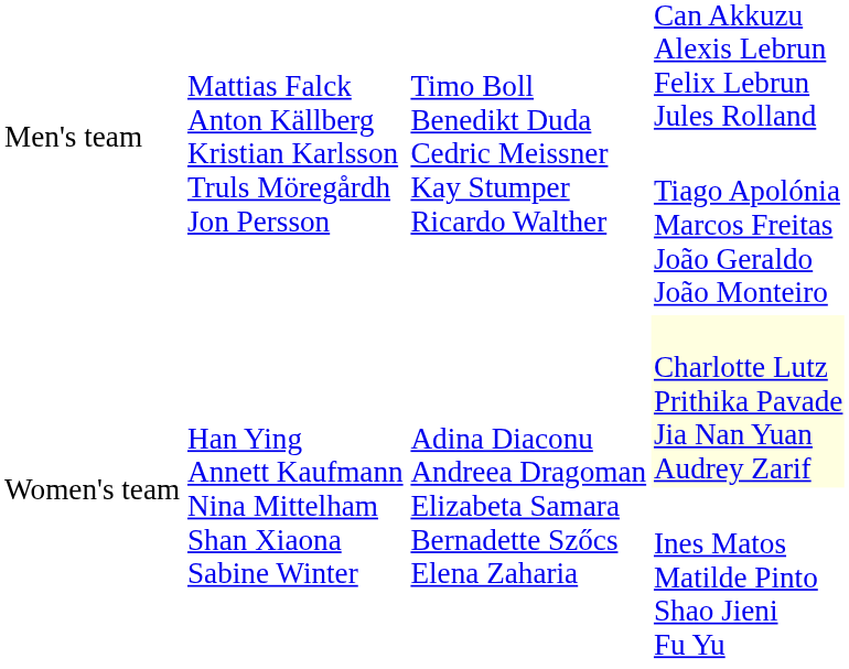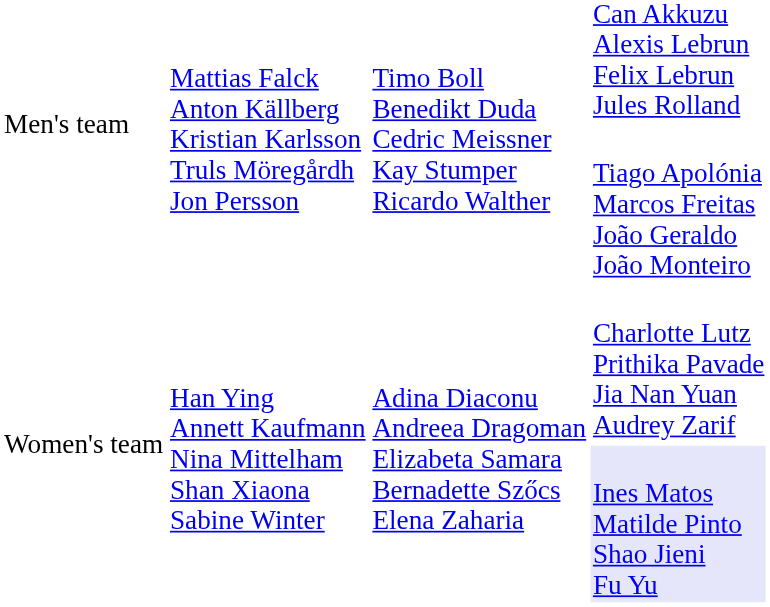 <table>
 <tr>
 <td rowspan="2">Men's team</td>
 <td rowspan="2"><br><a href='#'>Mattias Falck</a><br><a href='#'>Anton Källberg</a><br><a href='#'>Kristian Karlsson</a><br><a href='#'>Truls Möregårdh</a><br><a href='#'>Jon Persson</a></td>
 <td rowspan="2"><br><a href='#'>Timo Boll</a><br><a href='#'>Benedikt Duda</a><br><a href='#'>Cedric Meissner</a><br><a href='#'>Kay Stumper</a><br><a href='#'>Ricardo Walther</a></td>
 <td><br><a href='#'>Can Akkuzu</a><br><a href='#'>Alexis Lebrun</a><br><a href='#'>Felix Lebrun</a><br><a href='#'>Jules Rolland</a></td>
 </tr>
 <tr>
 <td><br><a href='#'>Tiago Apolónia</a><br><a href='#'>Marcos Freitas</a><br><a href='#'>João Geraldo</a><br><a href='#'>João Monteiro</a></td>
 </tr>
 <tr>
 <td rowspan="2">Women's team</td>
 <td rowspan="2"><br><a href='#'>Han Ying</a><br><a href='#'>Annett Kaufmann</a><br><a href='#'>Nina Mittelham</a><br><a href='#'>Shan Xiaona</a><br><a href='#'>Sabine Winter</a></td>
 <td rowspan="2"><br><a href='#'>Adina Diaconu</a><br><a href='#'>Andreea Dragoman</a><br><a href='#'>Elizabeta Samara</a><br><a href='#'>Bernadette Szőcs</a><br><a href='#'>Elena Zaharia</a></td>
-<td style="background: lightyellow;"><br><a href='#'>Charlotte Lutz</a><br><a href='#'>Prithika Pavade</a><br><a href='#'>Jia Nan Yuan</a><br><a href='#'>Audrey Zarif</a></td>
+<td><br><a href='#'>Charlotte Lutz</a><br><a href='#'>Prithika Pavade</a><br><a href='#'>Jia Nan Yuan</a><br><a href='#'>Audrey Zarif</a></td>
 </tr>
 <tr>
-<td><br><a href='#'>Ines Matos</a><br><a href='#'>Matilde Pinto</a><br><a href='#'>Shao Jieni</a><br><a href='#'>Fu Yu</a></td>
+<td style="background: lavender;"><br><a href='#'>Ines Matos</a><br><a href='#'>Matilde Pinto</a><br><a href='#'>Shao Jieni</a><br><a href='#'>Fu Yu</a></td>
 </tr>
 </table>
